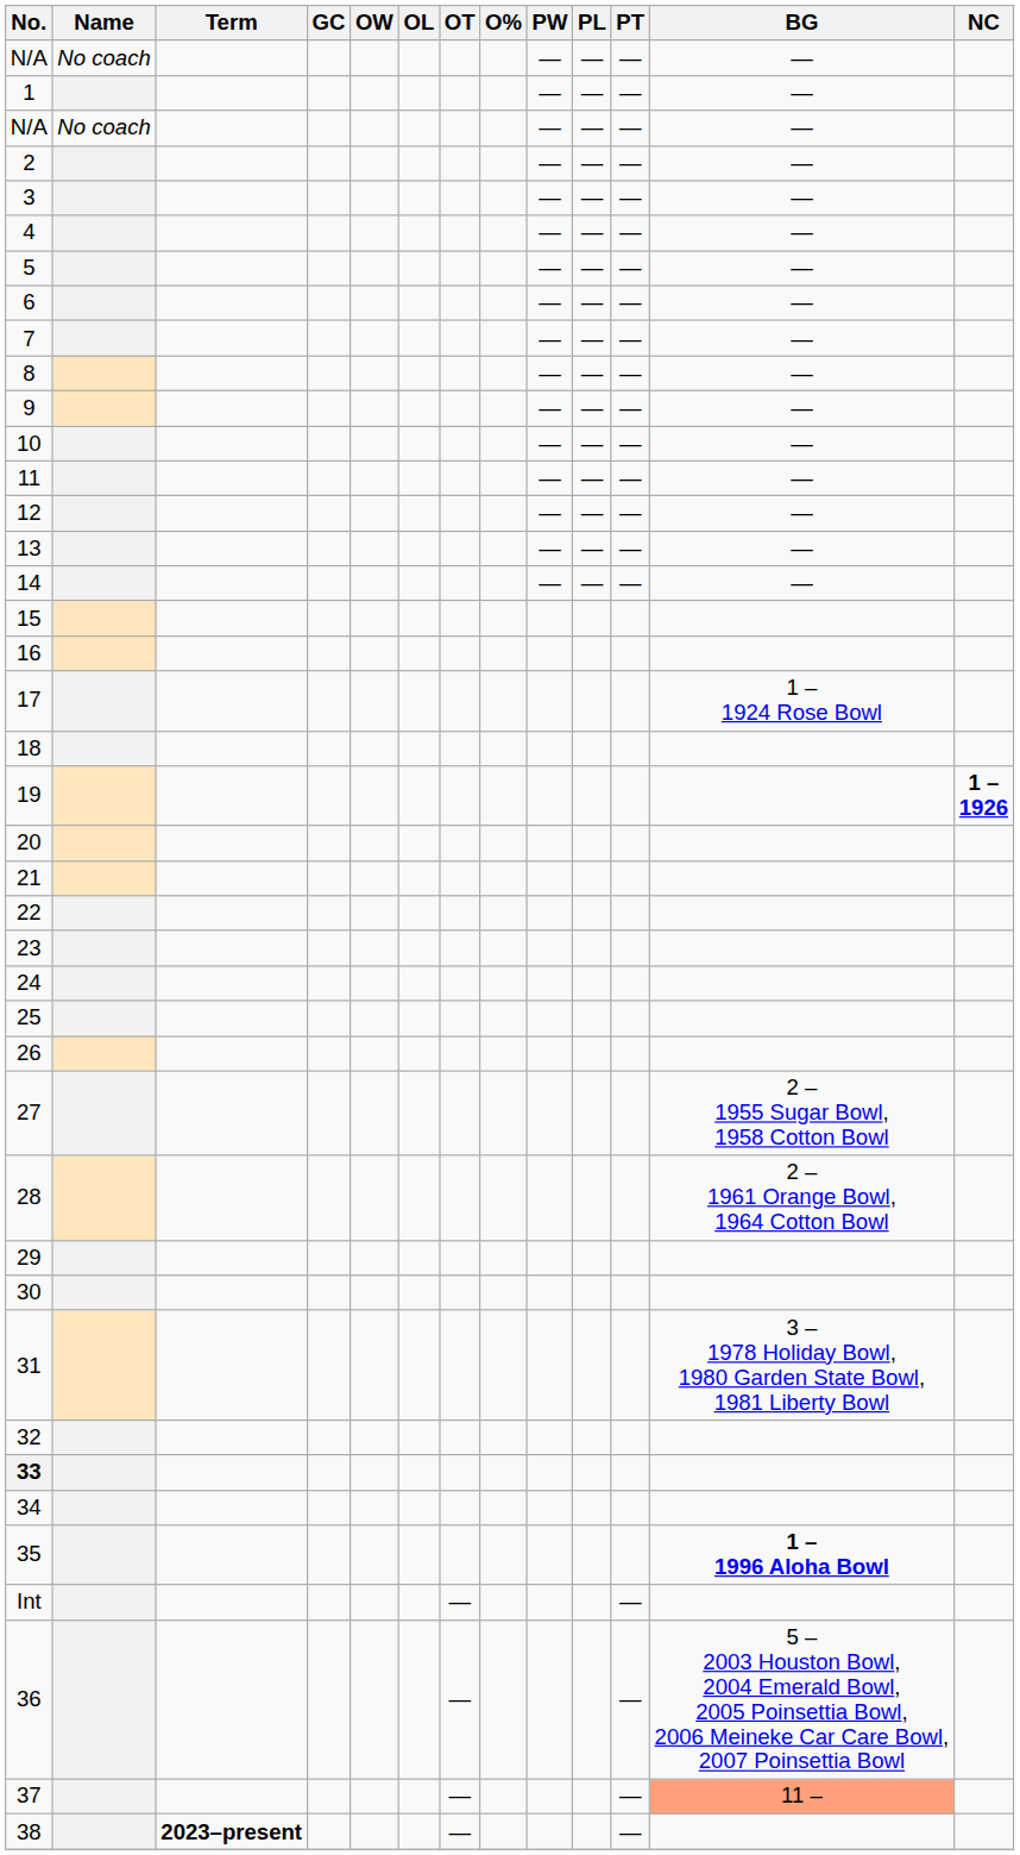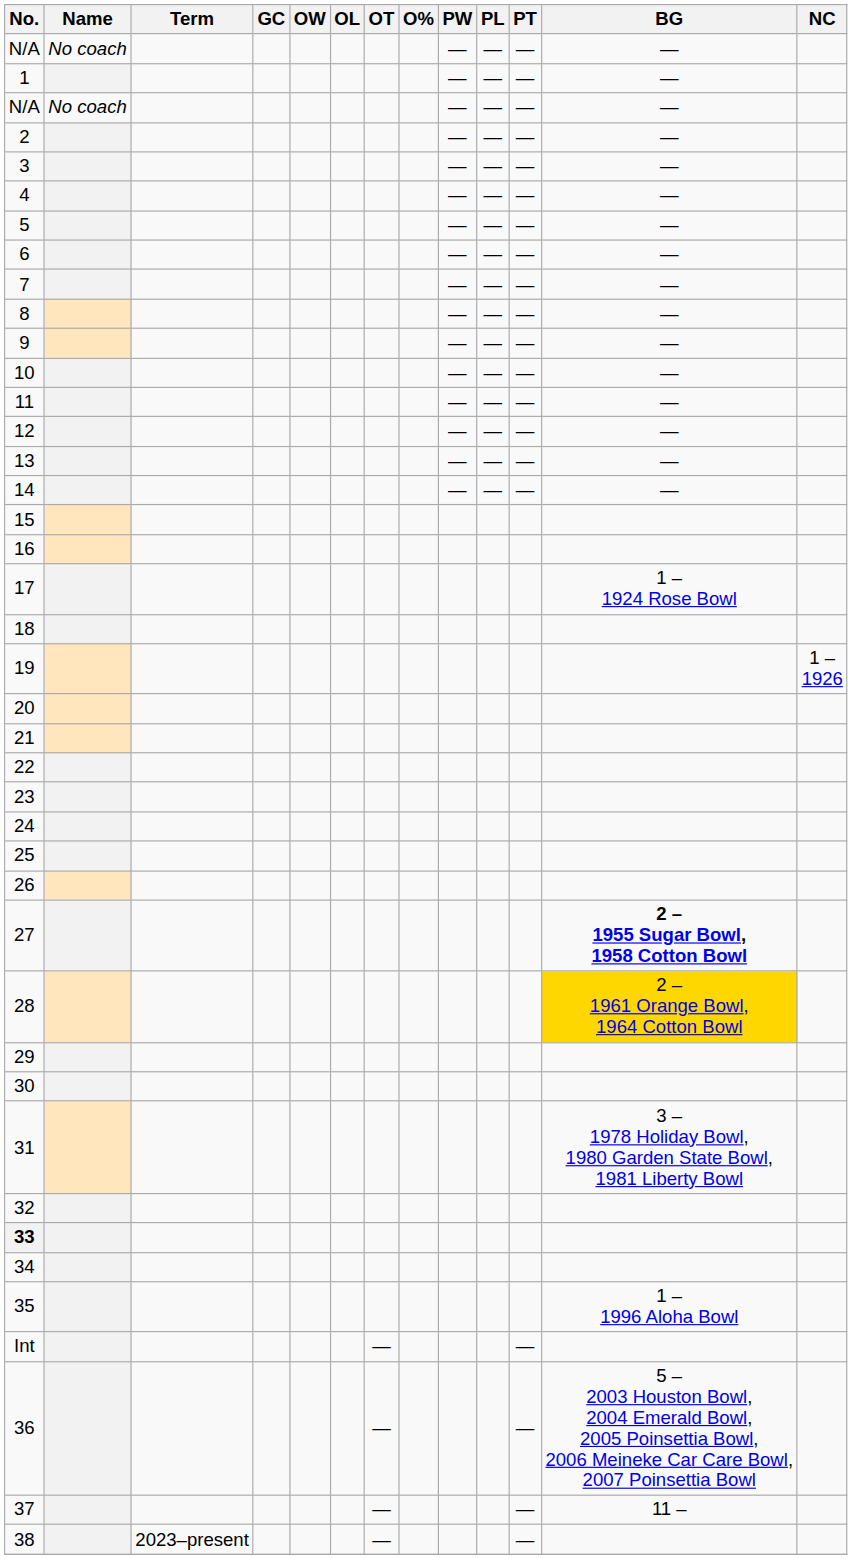 <table class="wikitable sortable" style="text-align:center">
 <tr>
 <th scope="col">No.</th>
 <th scope="col">Name</th>
 <th scope="col">Term</th>
 <th scope="col">GC</th>
 <th scope="col">OW</th>
 <th scope="col">OL</th>
 <th scope="col">OT</th>
 <th scope="col">O%</th>
 <th scope="col">PW</th>
 <th scope="col">PL</th>
 <th scope="col">PT</th>
 <th scope="col">BG</th>
 <th scope="col">NC</th>
 </tr>
 <tr>
 <td>N/A</td>
 <td><em>No coach</em></td>
 <td></td>
 <td></td>
 <td></td>
 <td></td>
 <td></td>
 <td></td>
 <td>—</td>
 <td>—</td>
 <td>—</td>
 <td>—</td>
 <td></td>
 </tr>
 <tr>
 <td align="center">1</td>
 <th scope="row"></th>
 <td></td>
 <td></td>
 <td></td>
 <td></td>
 <td></td>
 <td></td>
 <td>—</td>
 <td>—</td>
 <td>—</td>
 <td>—</td>
 <td></td>
 </tr>
 <tr>
 <td>N/A</td>
 <td><em>No coach</em></td>
 <td></td>
 <td></td>
 <td></td>
 <td></td>
 <td></td>
 <td></td>
 <td>—</td>
 <td>—</td>
 <td>—</td>
 <td>—</td>
 <td></td>
 </tr>
 <tr>
 <td>2</td>
 <th scope="row"></th>
 <td></td>
 <td></td>
 <td></td>
 <td></td>
 <td></td>
 <td></td>
 <td>—</td>
 <td>—</td>
 <td>—</td>
 <td>—</td>
 <td></td>
 </tr>
 <tr>
 <td>3</td>
 <th scope="row"></th>
 <td></td>
 <td></td>
 <td></td>
 <td></td>
 <td></td>
 <td></td>
 <td>—</td>
 <td>—</td>
 <td>—</td>
 <td>—</td>
 <td></td>
 </tr>
 <tr>
 <td>4</td>
 <th scope="row"></th>
 <td></td>
 <td></td>
 <td></td>
 <td></td>
 <td></td>
 <td></td>
 <td>—</td>
 <td>—</td>
 <td>—</td>
 <td>—</td>
 <td></td>
 </tr>
 <tr>
 <td>5</td>
 <th scope="row"></th>
 <td></td>
 <td></td>
 <td></td>
 <td></td>
 <td></td>
 <td></td>
 <td>—</td>
 <td>—</td>
 <td>—</td>
 <td>—</td>
 <td></td>
 </tr>
 <tr>
 <td>6</td>
 <th scope="row"></th>
 <td></td>
 <td></td>
 <td></td>
 <td></td>
 <td></td>
 <td></td>
 <td>—</td>
 <td>—</td>
 <td>—</td>
 <td>—</td>
 <td></td>
 </tr>
 <tr>
 <td>7</td>
 <th scope="row"></th>
 <td></td>
 <td></td>
 <td></td>
 <td></td>
 <td></td>
 <td></td>
 <td>—</td>
 <td>—</td>
 <td>—</td>
 <td>—</td>
 <td></td>
 </tr>
 <tr>
 <td>8</td>
 <td scope="row" align="center" bgcolor=#FFE6BD><strong></strong><sup></sup></td>
 <td></td>
 <td></td>
 <td></td>
 <td></td>
 <td></td>
 <td></td>
 <td>—</td>
 <td>—</td>
 <td>—</td>
 <td>—</td>
 <td></td>
 </tr>
 <tr>
 <td>9</td>
 <td scope="row" align="center" bgcolor=#FFE6BD><strong></strong><sup></sup></td>
 <td></td>
 <td></td>
 <td></td>
 <td></td>
 <td></td>
 <td></td>
 <td>—</td>
 <td>—</td>
 <td>—</td>
 <td>—</td>
 <td></td>
 </tr>
 <tr>
 <td>10</td>
 <th scope="row"></th>
 <td></td>
 <td></td>
 <td></td>
 <td></td>
 <td></td>
 <td></td>
 <td>—</td>
 <td>—</td>
 <td>—</td>
 <td>—</td>
 <td></td>
 </tr>
 <tr>
 <td>11</td>
 <th scope="row"></th>
 <td></td>
 <td></td>
 <td></td>
 <td></td>
 <td></td>
 <td></td>
 <td>—</td>
 <td>—</td>
 <td>—</td>
 <td>—</td>
 <td></td>
 </tr>
 <tr>
 <td>12</td>
 <th scope="row"></th>
 <td></td>
 <td></td>
 <td></td>
 <td></td>
 <td></td>
 <td></td>
 <td>—</td>
 <td>—</td>
 <td>—</td>
 <td>—</td>
 <td></td>
 </tr>
 <tr>
 <td>13</td>
 <th scope="row"></th>
 <td></td>
 <td></td>
 <td></td>
 <td></td>
 <td></td>
 <td></td>
 <td>—</td>
 <td>—</td>
 <td>—</td>
 <td>—</td>
 <td></td>
 </tr>
 <tr>
 <td>14</td>
 <th scope="row"></th>
 <td></td>
 <td></td>
 <td></td>
 <td></td>
 <td></td>
 <td></td>
 <td>—</td>
 <td>—</td>
 <td>—</td>
 <td>—</td>
 <td></td>
 </tr>
 <tr>
 <td>15</td>
 <td scope="row" align="center" bgcolor=#FFE6BD><strong></strong><sup></sup></td>
 <td></td>
 <td></td>
 <td></td>
 <td></td>
 <td></td>
 <td></td>
 <td></td>
 <td></td>
 <td></td>
 <td></td>
 <td></td>
 </tr>
 <tr>
 <td>16</td>
 <td scope="row" align="center" bgcolor=#FFE6BD><strong></strong><sup></sup></td>
 <td></td>
 <td></td>
 <td></td>
 <td></td>
 <td></td>
 <td></td>
 <td></td>
 <td></td>
 <td></td>
 <td></td>
 <td></td>
 </tr>
 <tr>
 <td>17</td>
 <th scope="row"></th>
 <td></td>
 <td></td>
 <td></td>
 <td></td>
 <td></td>
 <td></td>
 <td></td>
 <td></td>
 <td></td>
 <td>1 – <br><a href='#'>1924 Rose Bowl</a></td>
 <td></td>
 </tr>
 <tr>
 <td>18</td>
 <th scope="row"></th>
 <td></td>
 <td></td>
 <td></td>
 <td></td>
 <td></td>
 <td></td>
 <td></td>
 <td></td>
 <td></td>
 <td></td>
 <td></td>
 </tr>
 <tr>
 <td>19</td>
 <td scope="row" align="center" bgcolor=#FFE6BD><strong></strong><sup></sup></td>
 <td></td>
 <td></td>
 <td></td>
 <td></td>
 <td></td>
 <td></td>
 <td></td>
 <td></td>
 <td></td>
 <td></td>
-<td align="center"><strong>1 – <br><a href='#'>1926</a></strong></td>
+<td align="center">1 – <br><a href='#'>1926</a></td>
 </tr>
 <tr>
 <td>20</td>
 <td scope="row" align="center" bgcolor=#FFE6BD><strong></strong><sup></sup></td>
 <td></td>
 <td></td>
 <td></td>
 <td></td>
 <td></td>
 <td></td>
 <td></td>
 <td></td>
 <td></td>
 <td></td>
 <td></td>
 </tr>
 <tr>
 <td>21</td>
 <td scope="row" align="center" bgcolor=#FFE6BD><strong></strong><sup></sup></td>
 <td><br></td>
 <td></td>
 <td></td>
 <td></td>
 <td></td>
 <td></td>
 <td></td>
 <td></td>
 <td></td>
 <td></td>
 <td></td>
 </tr>
 <tr>
 <td>22</td>
 <th scope="row"></th>
 <td></td>
 <td></td>
 <td></td>
 <td></td>
 <td></td>
 <td></td>
 <td></td>
 <td></td>
 <td></td>
 <td></td>
 <td></td>
 </tr>
 <tr>
 <td>23</td>
 <th scope="row"></th>
 <td></td>
 <td></td>
 <td></td>
 <td></td>
 <td></td>
 <td></td>
 <td></td>
 <td></td>
 <td></td>
 <td></td>
 <td></td>
 </tr>
 <tr>
 <td>24</td>
 <th scope="row"></th>
 <td></td>
 <td></td>
 <td></td>
 <td></td>
 <td></td>
 <td></td>
 <td></td>
 <td></td>
 <td></td>
 <td></td>
 <td></td>
 </tr>
 <tr>
 <td>25</td>
 <th scope="row"></th>
 <td></td>
 <td></td>
 <td></td>
 <td></td>
 <td></td>
 <td></td>
 <td></td>
 <td></td>
 <td></td>
 <td></td>
 <td></td>
 </tr>
 <tr>
 <td>26</td>
 <td scope="row" align="center" bgcolor=#FFE6BD><strong></strong><sup></sup></td>
 <td></td>
 <td></td>
 <td></td>
 <td></td>
 <td></td>
 <td></td>
 <td></td>
 <td></td>
 <td></td>
 <td></td>
 <td></td>
 </tr>
 <tr>
 <td>27</td>
 <th scope="row"></th>
 <td></td>
 <td></td>
 <td></td>
 <td></td>
 <td></td>
 <td></td>
 <td></td>
 <td></td>
 <td></td>
-<td>2 – <br><a href='#'>1955 Sugar Bowl</a>,<br><a href='#'>1958 Cotton Bowl</a></td>
+<td><strong>2 – <br><a href='#'>1955 Sugar Bowl</a>,<br><a href='#'>1958 Cotton Bowl</a></strong></td>
 <td></td>
 </tr>
 <tr>
 <td>28</td>
 <td scope="row" align="center" bgcolor=#FFE6BD><strong></strong><sup></sup></td>
 <td></td>
 <td></td>
 <td></td>
 <td></td>
 <td></td>
 <td></td>
 <td></td>
 <td></td>
 <td></td>
-<td>2 – <br><a href='#'>1961 Orange Bowl</a>,<br> <a href='#'>1964 Cotton Bowl</a></td>
+<td style="background: gold;">2 – <br><a href='#'>1961 Orange Bowl</a>,<br> <a href='#'>1964 Cotton Bowl</a></td>
 <td></td>
 </tr>
 <tr>
 <td>29</td>
 <th scope="row"></th>
 <td></td>
 <td></td>
 <td></td>
 <td></td>
 <td></td>
 <td></td>
 <td></td>
 <td></td>
 <td></td>
 <td></td>
 <td></td>
 </tr>
 <tr>
 <td>30</td>
 <th scope="row"></th>
 <td></td>
 <td></td>
 <td></td>
 <td></td>
 <td></td>
 <td></td>
 <td></td>
 <td></td>
 <td></td>
 <td></td>
 <td></td>
 </tr>
 <tr>
 <td>31</td>
 <td scope="row" align="center" bgcolor=#FFE6BD><strong></strong><sup></sup></td>
 <td></td>
 <td></td>
 <td></td>
 <td></td>
 <td></td>
 <td></td>
 <td></td>
 <td></td>
 <td></td>
 <td>3 – <br><a href='#'>1978 Holiday Bowl</a>,<br><a href='#'>1980 Garden State Bowl</a>,<br><a href='#'>1981 Liberty Bowl</a></td>
 <td></td>
 </tr>
 <tr>
 <td>32</td>
 <th scope="row"></th>
 <td></td>
 <td></td>
 <td></td>
 <td></td>
 <td></td>
 <td></td>
 <td></td>
 <td></td>
 <td></td>
 <td></td>
 <td></td>
 </tr>
 <tr>
 <th>33</th>
 <th scope="row"></th>
 <td></td>
 <td></td>
 <td></td>
 <td></td>
 <td></td>
 <td></td>
 <td></td>
 <td></td>
 <td></td>
 <td></td>
 <td></td>
 </tr>
 <tr>
 <td>34</td>
 <th scope="row"></th>
 <td></td>
 <td></td>
 <td></td>
 <td></td>
 <td></td>
 <td></td>
 <td></td>
 <td></td>
 <td></td>
 <td></td>
 <td></td>
 </tr>
 <tr>
 <td>35</td>
 <th scope="row"><br></th>
 <td></td>
 <td></td>
 <td></td>
 <td></td>
 <td></td>
 <td></td>
 <td></td>
 <td></td>
 <td></td>
-<td><strong>1 – <br><a href='#'>1996 Aloha Bowl</a></strong></td>
+<td>1 – <br><a href='#'>1996 Aloha Bowl</a></td>
 <td></td>
 </tr>
 <tr>
 <td>Int</td>
 <th scope="row"><br></th>
 <td></td>
 <td></td>
 <td></td>
 <td></td>
 <td>—</td>
 <td></td>
 <td></td>
 <td></td>
 <td>—</td>
 <td></td>
 <td></td>
 </tr>
 <tr>
 <td>36</td>
 <th scope="row"><br></th>
 <td></td>
 <td></td>
 <td></td>
 <td></td>
 <td>—</td>
 <td></td>
 <td></td>
 <td></td>
 <td>—</td>
 <td>5 – <br><a href='#'>2003 Houston Bowl</a>,<br><a href='#'>2004 Emerald Bowl</a>,<br><a href='#'>2005 Poinsettia Bowl</a>,<br><a href='#'>2006 Meineke Car Care Bowl</a>,<br><a href='#'>2007 Poinsettia Bowl</a></td>
 <td></td>
 </tr>
 <tr>
 <td>37</td>
 <th scope="row"><br></th>
 <td></td>
 <td></td>
 <td></td>
 <td></td>
 <td>—</td>
 <td></td>
 <td></td>
 <td></td>
 <td>—</td>
-<td style="background: lightsalmon;">11 –<br></td>
+<td>11 –<br></td>
 <td></td>
 </tr>
 <tr>
 <td>38</td>
 <th scope="row"></th>
-<td><strong>2023–present</strong></td>
+<td>2023–present</td>
 <td></td>
 <td></td>
 <td></td>
 <td>—</td>
 <td></td>
 <td></td>
 <td></td>
 <td>—</td>
 <td></td>
 <td></td>
 </tr>
 <tr>
 </tr>
 </table>
